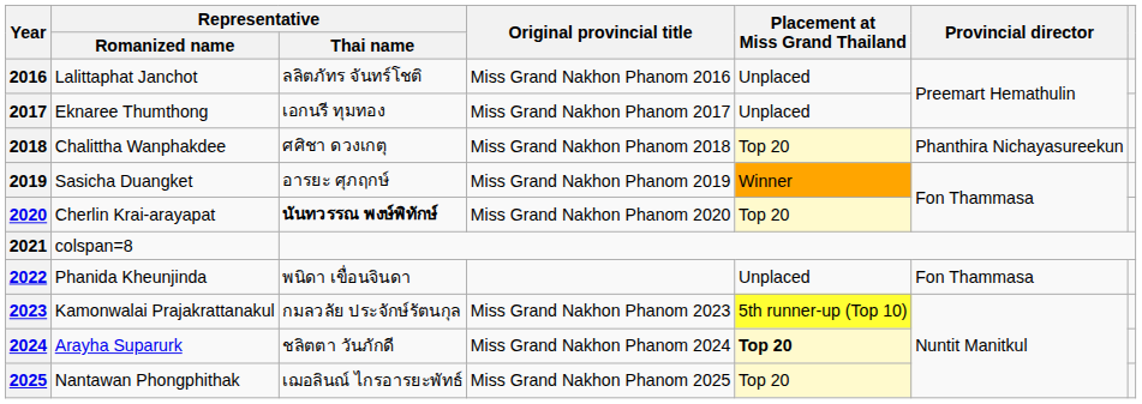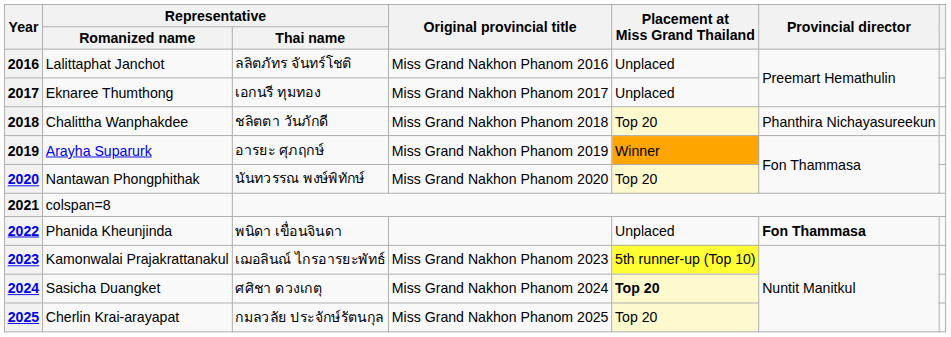 <table class="wikitable defaultcenter col2left col3left col6left" style="font-size:95%;">
 <tr>
 <th rowspan=2>Year</th>
 <th colspan=2>Representative</th>
 <th rowspan=2>Original provincial title</th>
 <th rowspan=2>Placement at<br>Miss Grand Thailand</th>
 <th rowspan=2>Provincial director</th>
 <th rowspan=2></th>
 </tr>
 <tr>
 <th>Romanized name</th>
 <th>Thai name</th>
 </tr>
 <tr>
 <th>2016</th>
 <td>Lalittaphat Janchot</td>
 <td>ลลิตภัทร จันทร์โชติ</td>
 <td>Miss Grand Nakhon Phanom 2016</td>
 <td>Unplaced</td>
 <td rowspan=2>Preemart Hemathulin</td>
 <td></td>
 </tr>
 <tr>
 <th>2017</th>
 <td>Eknaree Thumthong</td>
 <td>เอกนรี ทุมทอง</td>
 <td>Miss Grand Nakhon Phanom 2017</td>
 <td>Unplaced</td>
 <td></td>
 </tr>
 <tr>
 <th>2018</th>
 <td>Chalittha Wanphakdee</td>
-<td>ศศิชา ดวงเกตุ</td>
+<td>ชลิตตา วันภักดี</td>
 <td>Miss Grand Nakhon Phanom 2018</td>
 <td bgcolor=#FFFACD>Top 20</td>
 <td>Phanthira Nichayasureekun</td>
 <td></td>
 </tr>
 <tr>
 <th>2019</th>
-<td>Sasicha Duangket</td>
+<td><a href='#'>Arayha Suparurk</a></td>
 <td>อารยะ ศุภฤกษ์</td>
 <td>Miss Grand Nakhon Phanom 2019</td>
 <td bgcolor=orange>Winner</td>
 <td rowspan=2>Fon Thammasa</td>
 <td></td>
 </tr>
 <tr>
 <th><a href='#'>2020</a></th>
-<td>Cherlin Krai-arayapat</td>
-<td><strong>นันทวรรณ พงษ์พิทักษ์</strong></td>
+<td>Nantawan Phongphithak</td>
+<td>นันทวรรณ พงษ์พิทักษ์</td>
 <td>Miss Grand Nakhon Phanom 2020</td>
 <td bgcolor=#FFFACD>Top 20</td>
 <td></td>
 </tr>
 <tr>
 <th>2021</th>
 <td>colspan=8 </td>
 </tr>
 <tr>
 <th><a href='#'>2022</a></th>
 <td>Phanida Kheunjinda</td>
 <td>พนิดา เขื่อนจินดา</td>
 <td></td>
 <td>Unplaced</td>
-<td>Fon Thammasa</td>
+<td><strong>Fon Thammasa</strong></td>
 <td></td>
 </tr>
 <tr>
 <th><a href='#'>2023</a></th>
 <td>Kamonwalai Prajakrattanakul</td>
-<td>กมลวลัย ประจักษ์รัตนกุล</td>
+<td>เฌอลินณ์ ไกรอารยะพัทธ์</td>
 <td>Miss Grand Nakhon Phanom 2023</td>
 <td bgcolor=#FFFF33>5th runner-up (Top 10)</td>
 <td rowspan=3>Nuntit Manitkul</td>
 <td></td>
 </tr>
 <tr>
 <th><a href='#'>2024</a></th>
-<td><a href='#'>Arayha Suparurk</a></td>
-<td>ชลิตตา วันภักดี</td>
+<td>Sasicha Duangket</td>
+<td>ศศิชา ดวงเกตุ</td>
 <td>Miss Grand Nakhon Phanom 2024</td>
 <td bgcolor=#FFFACD><strong>Top 20</strong></td>
 <td></td>
 </tr>
 <tr>
 <th><a href='#'>2025</a></th>
-<td>Nantawan Phongphithak</td>
-<td>เฌอลินณ์ ไกรอารยะพัทธ์</td>
+<td>Cherlin Krai-arayapat</td>
+<td>กมลวลัย ประจักษ์รัตนกุล</td>
 <td>Miss Grand Nakhon Phanom 2025</td>
 <td bgcolor=#FFFACD>Top 20</td>
 <td></td>
 </tr>
 </table>
